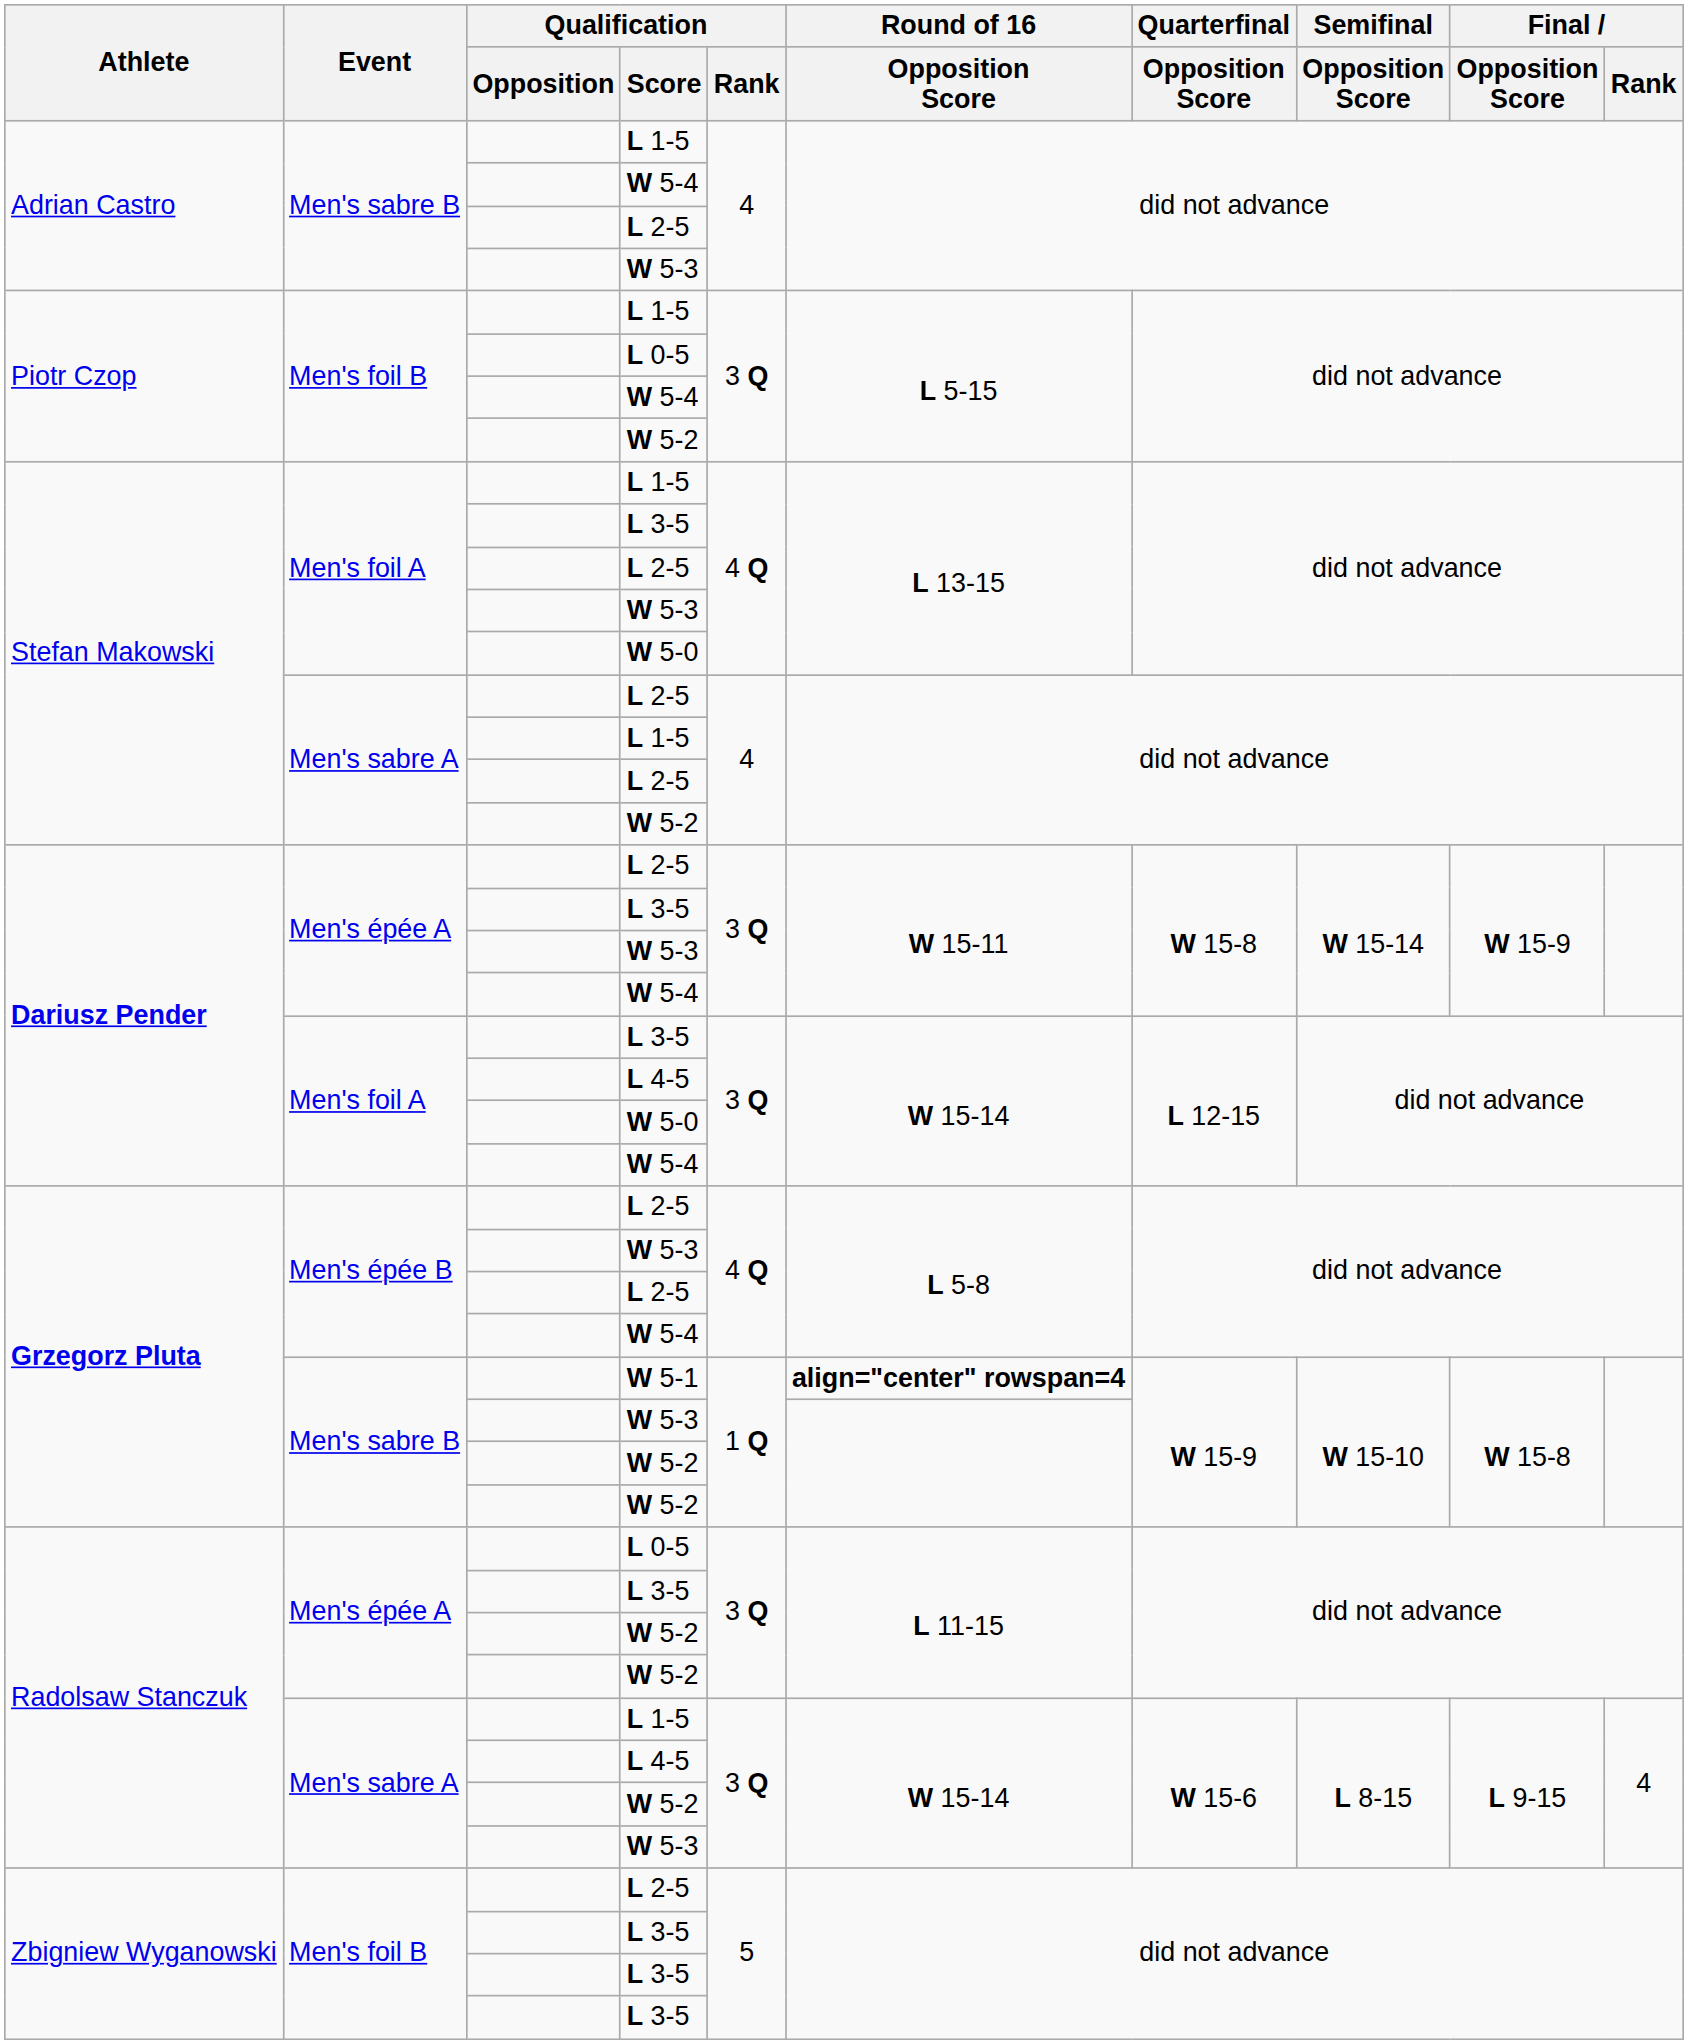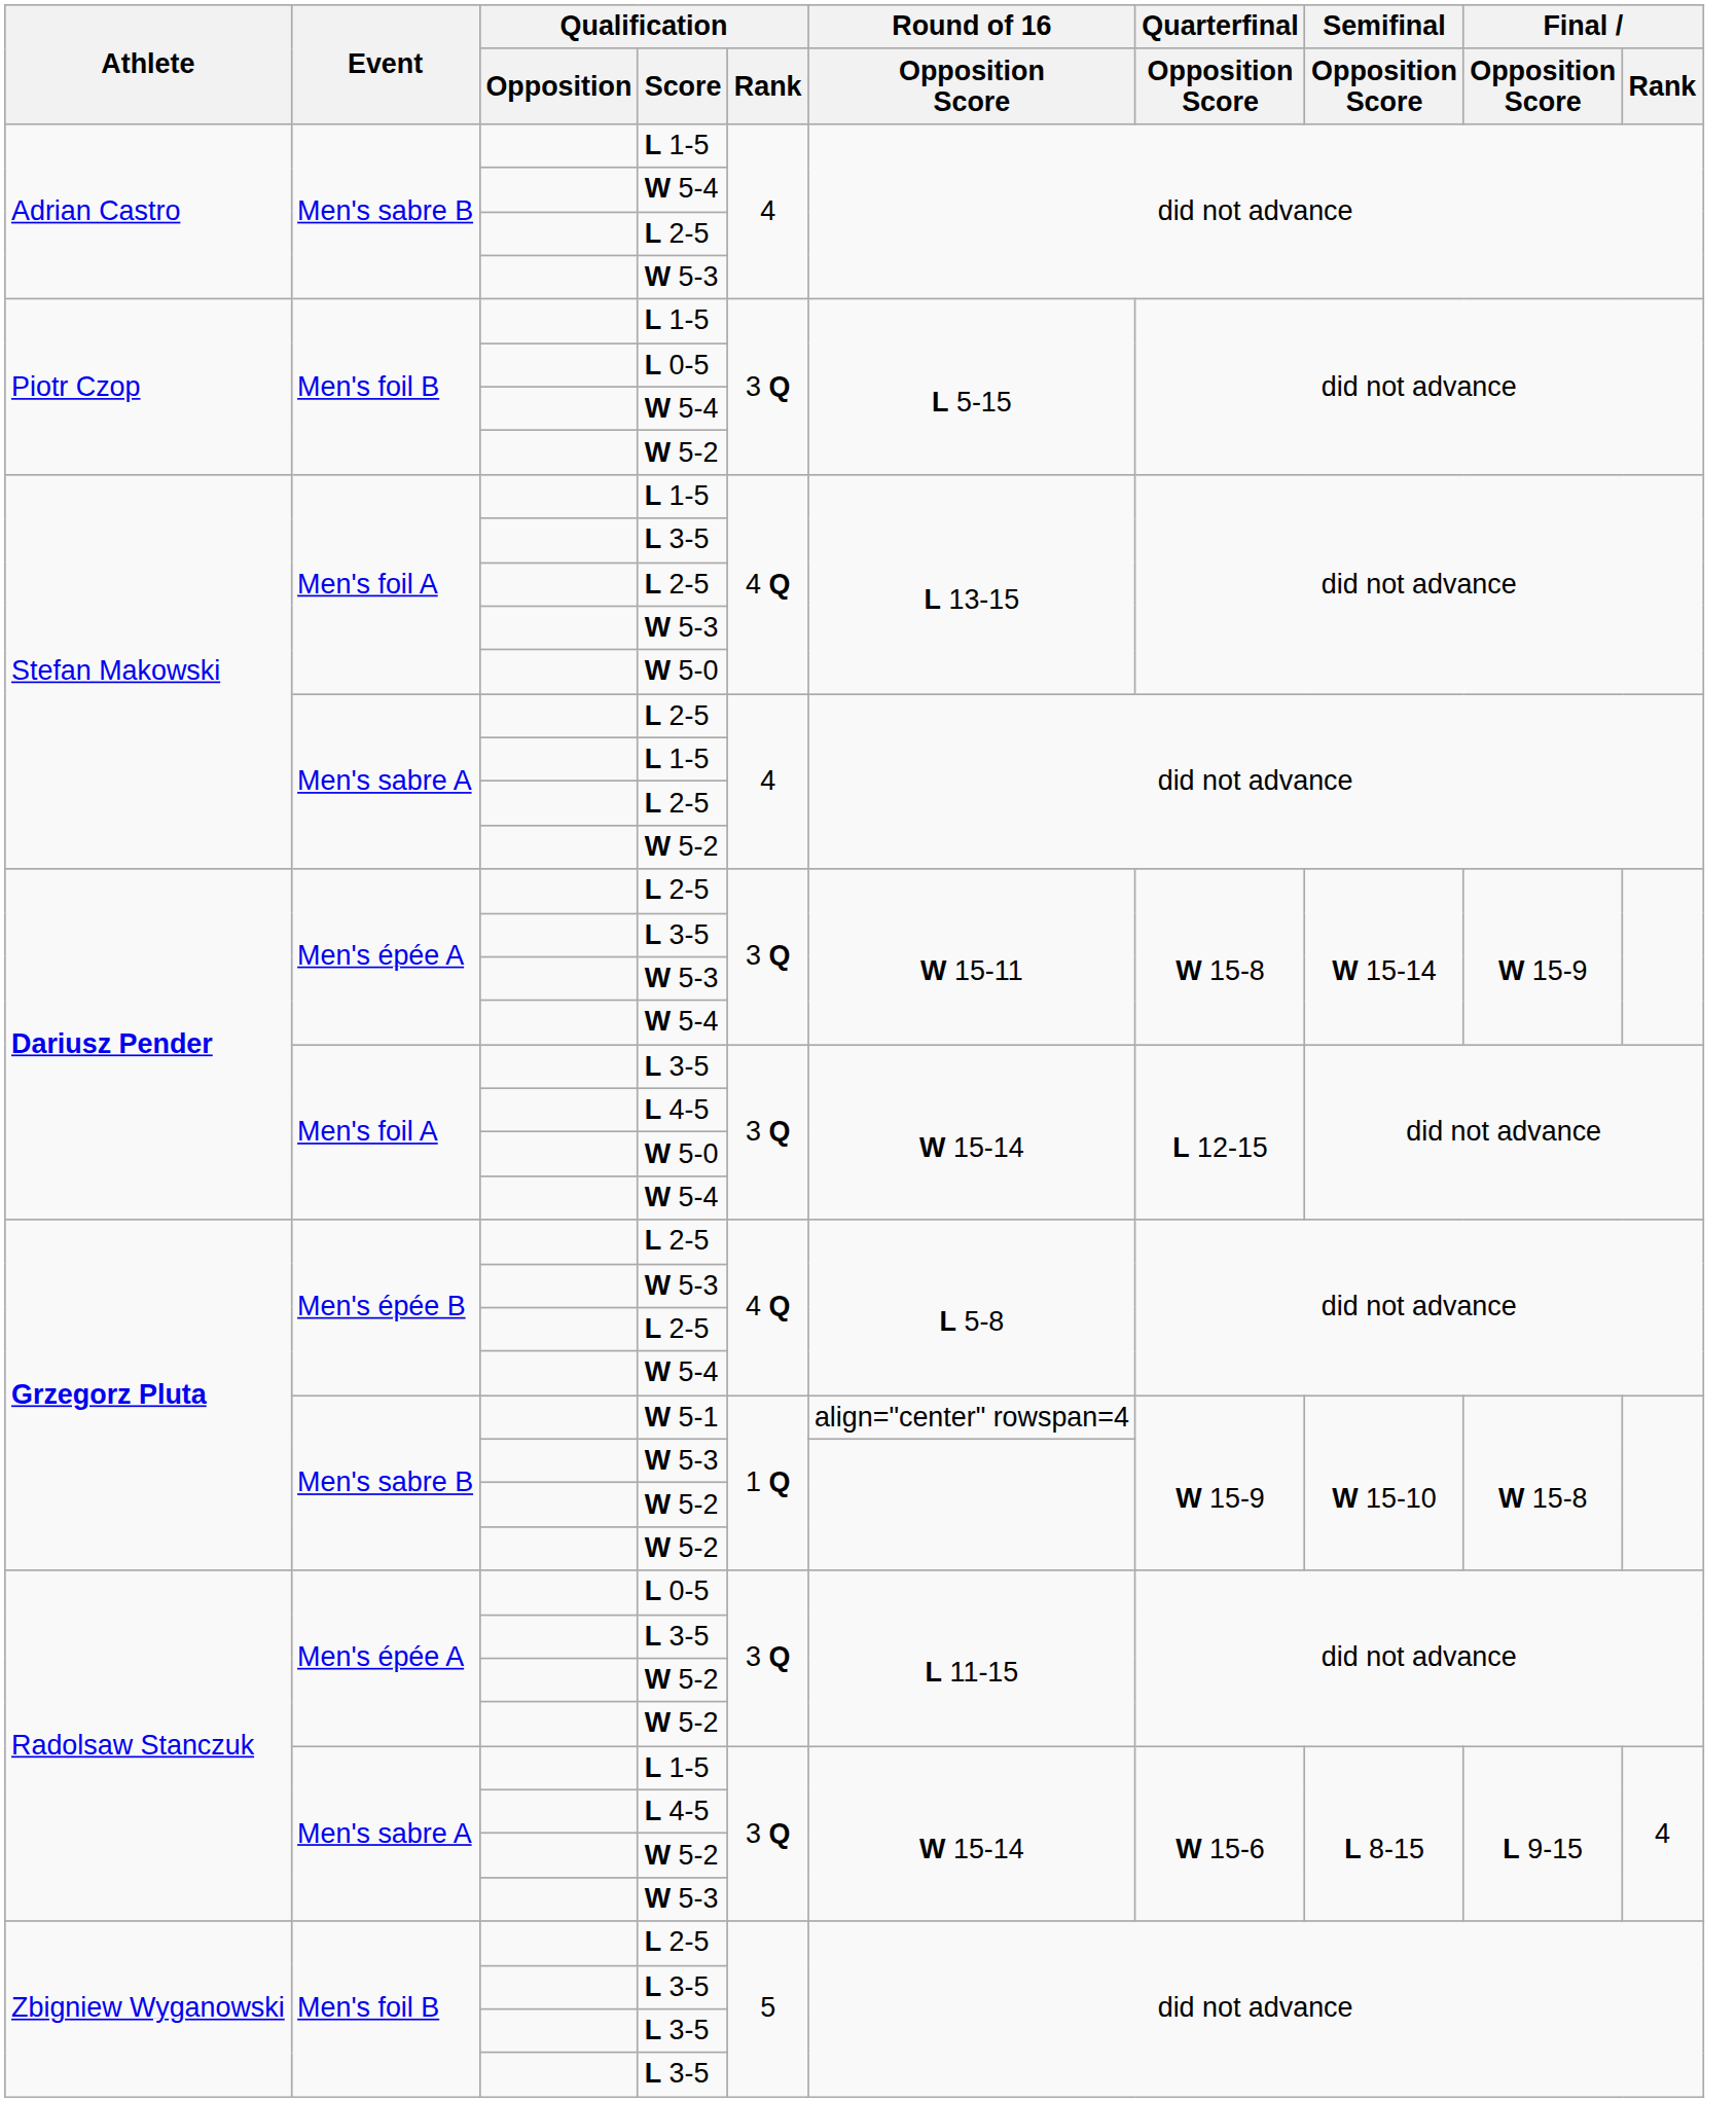 <table class=wikitable>
 <tr>
 <th rowspan="2">Athlete</th>
 <th rowspan="2">Event</th>
 <th colspan="3">Qualification</th>
 <th>Round of 16</th>
 <th>Quarterfinal</th>
 <th>Semifinal</th>
 <th colspan="2">Final / </th>
 </tr>
 <tr>
 <th>Opposition</th>
 <th>Score</th>
 <th>Rank</th>
 <th>Opposition<br>Score</th>
 <th>Opposition<br>Score</th>
 <th>Opposition<br>Score</th>
 <th>Opposition<br>Score</th>
 <th>Rank</th>
 </tr>
 <tr>
 <td rowspan=4><a href='#'>Adrian Castro</a></td>
 <td rowspan=4><a href='#'>Men's sabre B</a></td>
 <td></td>
 <td><strong>L</strong> 1-5</td>
 <td align="center" rowspan=4>4</td>
 <td align="center" rowspan=4 colspan=5>did not advance</td>
 </tr>
 <tr>
 <td></td>
 <td><strong>W</strong> 5-4</td>
 </tr>
 <tr>
 <td></td>
 <td><strong>L</strong> 2-5</td>
 </tr>
 <tr>
 <td></td>
 <td><strong>W</strong> 5-3</td>
 </tr>
 <tr>
 <td rowspan=4><a href='#'>Piotr Czop</a></td>
 <td rowspan=4><a href='#'>Men's foil B</a></td>
 <td></td>
 <td><strong>L</strong> 1-5</td>
 <td align="center" rowspan=4>3 <strong>Q</strong></td>
 <td align="center" rowspan=4><br><strong>L</strong> 5-15</td>
 <td align="center" rowspan=4 colspan=4>did not advance</td>
 </tr>
 <tr>
 <td></td>
 <td><strong>L</strong> 0-5</td>
 </tr>
 <tr>
 <td></td>
 <td><strong>W</strong> 5-4</td>
 </tr>
 <tr>
 <td></td>
 <td><strong>W</strong> 5-2</td>
 </tr>
 <tr>
 <td rowspan=9><a href='#'>Stefan Makowski</a></td>
 <td rowspan=5><a href='#'>Men's foil A</a></td>
 <td></td>
 <td><strong>L</strong> 1-5</td>
 <td align="center" rowspan=5>4 <strong>Q</strong></td>
 <td align="center" rowspan=5><br><strong>L</strong> 13-15</td>
 <td align="center" rowspan=5 colspan=4>did not advance</td>
 </tr>
 <tr>
 <td></td>
 <td><strong>L</strong> 3-5</td>
 </tr>
 <tr>
 <td></td>
 <td><strong>L</strong> 2-5</td>
 </tr>
 <tr>
 <td></td>
 <td><strong>W</strong> 5-3</td>
 </tr>
 <tr>
 <td></td>
 <td><strong>W</strong> 5-0</td>
 </tr>
 <tr>
 <td rowspan=4><a href='#'>Men's sabre A</a></td>
 <td></td>
 <td><strong>L</strong> 2-5</td>
 <td align="center" rowspan=4>4</td>
 <td align="center" rowspan=4 colspan=5>did not advance</td>
 </tr>
 <tr>
 <td></td>
 <td><strong>L</strong> 1-5</td>
 </tr>
 <tr>
 <td></td>
 <td><strong>L</strong> 2-5</td>
 </tr>
 <tr>
 <td></td>
 <td><strong>W</strong> 5-2</td>
 </tr>
 <tr>
 <td rowspan=8><strong><a href='#'>Dariusz Pender</a></strong></td>
 <td rowspan=4><a href='#'>Men's épée A</a></td>
 <td></td>
 <td><strong>L</strong> 2-5</td>
 <td align="center" rowspan=4>3 <strong>Q</strong></td>
 <td align="center" rowspan=4><br><strong>W</strong> 15-11</td>
 <td align="center" rowspan=4><br><strong>W</strong> 15-8</td>
 <td align="center" rowspan=4><br><strong>W</strong> 15-14</td>
 <td align="center" rowspan=4><br><strong>W</strong> 15-9</td>
 <td align="center" rowspan=4></td>
 </tr>
 <tr>
 <td></td>
 <td><strong>L</strong> 3-5</td>
 </tr>
 <tr>
 <td></td>
 <td><strong>W</strong> 5-3</td>
 </tr>
 <tr>
 <td></td>
 <td><strong>W</strong> 5-4</td>
 </tr>
 <tr>
 <td rowspan=4><a href='#'>Men's foil A</a></td>
 <td></td>
 <td><strong>L</strong> 3-5</td>
 <td align="center" rowspan=4>3 <strong>Q</strong></td>
 <td align="center" rowspan=4><br><strong>W</strong> 15-14</td>
 <td align="center" rowspan=4><br><strong>L</strong> 12-15</td>
 <td align="center" rowspan=4 colspan=3>did not advance</td>
 </tr>
 <tr>
 <td></td>
 <td><strong>L</strong> 4-5</td>
 </tr>
 <tr>
 <td></td>
 <td><strong>W</strong> 5-0</td>
 </tr>
 <tr>
 <td></td>
 <td><strong>W</strong> 5-4</td>
 </tr>
 <tr>
 <td rowspan=8><strong><a href='#'>Grzegorz Pluta</a></strong></td>
 <td rowspan=4><a href='#'>Men's épée B</a></td>
 <td></td>
 <td><strong>L</strong> 2-5</td>
 <td align="center" rowspan=4>4 <strong>Q</strong></td>
 <td align="center" rowspan=4><br><strong>L</strong> 5-8</td>
 <td align="center" rowspan=4 colspan=4>did not advance</td>
 </tr>
 <tr>
 <td></td>
 <td><strong>W</strong> 5-3</td>
 </tr>
 <tr>
 <td></td>
 <td><strong>L</strong> 2-5</td>
 </tr>
 <tr>
 <td></td>
 <td><strong>W</strong> 5-4</td>
 </tr>
 <tr>
 <td rowspan=4><a href='#'>Men's sabre B</a></td>
 <td></td>
 <td><strong>W</strong> 5-1</td>
 <td align="center" rowspan=4>1 <strong>Q</strong></td>
-<td><strong>align="center" rowspan=4 </strong></td>
+<td>align="center" rowspan=4 </td>
 <td align="center" rowspan=4><br><strong>W</strong> 15-9</td>
 <td align="center" rowspan=4><br><strong>W</strong> 15-10</td>
 <td align="center" rowspan=4><br><strong>W</strong> 15-8</td>
 <td align="center" rowspan=4></td>
 </tr>
 <tr>
 <td></td>
 <td><strong>W</strong> 5-3</td>
 </tr>
 <tr>
 <td></td>
 <td><strong>W</strong> 5-2</td>
 </tr>
 <tr>
 <td></td>
 <td><strong>W</strong> 5-2</td>
 </tr>
 <tr>
 <td rowspan=8><a href='#'>Radolsaw Stanczuk</a></td>
 <td rowspan=4><a href='#'>Men's épée A</a></td>
 <td></td>
 <td><strong>L</strong> 0-5</td>
 <td align="center" rowspan=4>3 <strong>Q</strong></td>
 <td align="center" rowspan=4><br><strong>L</strong> 11-15</td>
 <td align="center" rowspan=4 colspan=4>did not advance</td>
 </tr>
 <tr>
 <td></td>
 <td><strong>L</strong> 3-5</td>
 </tr>
 <tr>
 <td></td>
 <td><strong>W</strong> 5-2</td>
 </tr>
 <tr>
 <td></td>
 <td><strong>W</strong> 5-2</td>
 </tr>
 <tr>
 <td rowspan=4><a href='#'>Men's sabre A</a></td>
 <td></td>
 <td><strong>L</strong> 1-5</td>
 <td align="center" rowspan=4>3 <strong>Q</strong></td>
 <td align="center" rowspan=4><br><strong>W</strong> 15-14</td>
 <td align="center" rowspan=4><br><strong>W</strong> 15-6</td>
 <td align="center" rowspan=4><br><strong>L</strong> 8-15</td>
 <td align="center" rowspan=4><br><strong>L</strong> 9-15</td>
 <td align="center" rowspan=4>4</td>
 </tr>
 <tr>
 <td></td>
 <td><strong>L</strong> 4-5</td>
 </tr>
 <tr>
 <td></td>
 <td><strong>W</strong> 5-2</td>
 </tr>
 <tr>
 <td></td>
 <td><strong>W</strong> 5-3</td>
 </tr>
 <tr>
 <td rowspan=4><a href='#'>Zbigniew Wyganowski</a></td>
 <td rowspan=4><a href='#'>Men's foil B</a></td>
 <td></td>
 <td><strong>L</strong> 2-5</td>
 <td align="center" rowspan=4>5</td>
 <td align="center" rowspan=4 colspan=5>did not advance</td>
 </tr>
 <tr>
 <td></td>
 <td><strong>L</strong> 3-5</td>
 </tr>
 <tr>
 <td></td>
 <td><strong>L</strong> 3-5</td>
 </tr>
 <tr>
 <td></td>
 <td><strong>L</strong> 3-5</td>
 </tr>
 </table>
